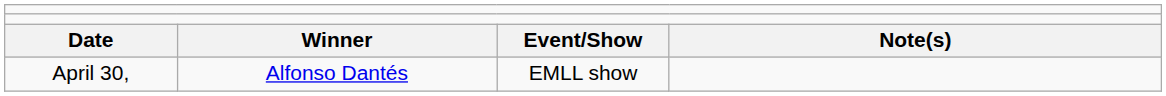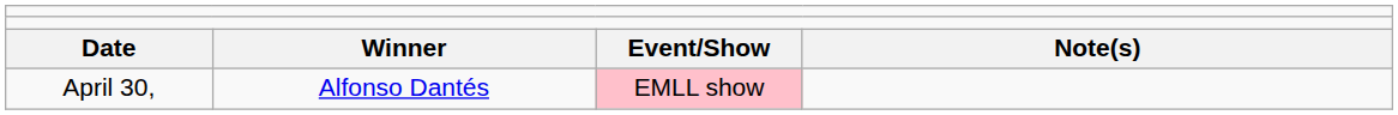 <table class="wikitable" style="text-align:center; width:100%;">
 <tr>
 <td colspan=5></td>
 </tr>
 <tr>
 <td colspan=5><strong></strong></td>
 </tr>
 <tr>
 <th width=14%>Date</th>
 <th width=26%>Winner</th>
 <th width=14%>Event/Show</th>
 <th width=40%>Note(s)</th>
 </tr>
 <tr>
 <td>April 30,</td>
 <td><a href='#'>Alfonso Dantés</a></td>
-<td>EMLL show</td>
+<td style="background: pink;">EMLL show</td>
 <td></td>
 </tr>
 </table>
